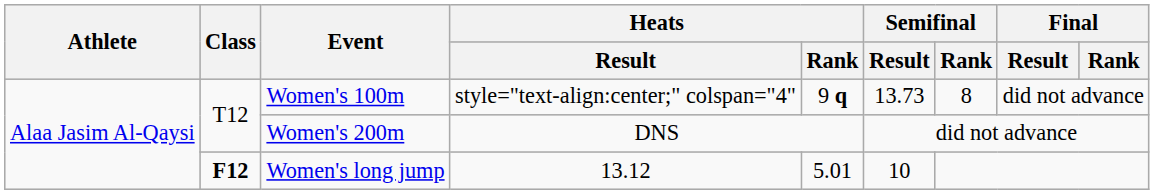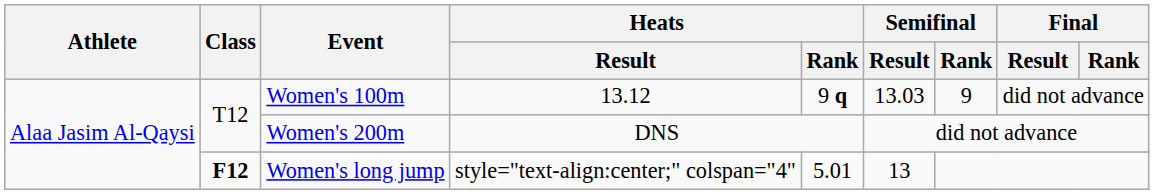 <table class=wikitable style="font-size:90%">
 <tr>
 <th rowspan="2">Athlete</th>
 <th rowspan="2">Class</th>
 <th rowspan="2">Event</th>
 <th colspan="2">Heats</th>
 <th colspan="2">Semifinal</th>
 <th colspan="3">Final</th>
 </tr>
 <tr>
 <th>Result</th>
 <th>Rank</th>
 <th>Result</th>
 <th>Rank</th>
 <th>Result</th>
 <th>Rank</th>
 </tr>
 <tr>
 <td rowspan="3"><a href='#'>Alaa Jasim Al-Qaysi</a></td>
 <td rowspan="2" style="text-align:center;">T12</td>
 <td><a href='#'>Women's 100m</a></td>
-<td>style="text-align:center;" colspan="4" </td>
+<td style="text-align:center;">13.12</td>
 <td style="text-align:center;">9 <strong>q</strong></td>
-<td style="text-align:center;">13.73</td>
-<td style="text-align:center;">8</td>
+<td style="text-align:center;">13.03</td>
+<td style="text-align:center;">9</td>
 <td style="text-align:center;" colspan="2">did not advance</td>
 </tr>
 <tr>
 <td><a href='#'>Women's 200m</a></td>
 <td style="text-align:center;" colspan="2">DNS</td>
 <td style="text-align:center;" colspan="4">did not advance</td>
 </tr>
 <tr>
 <td style="text-align:center;"><strong>F12</strong></td>
 <td><a href='#'>Women's long jump</a></td>
-<td style="text-align:center;">13.12</td>
+<td>style="text-align:center;" colspan="4" </td>
 <td style="text-align:center;">5.01</td>
-<td style="text-align:center;">10</td>
+<td style="text-align:center;">13</td>
 </tr>
 </table>
